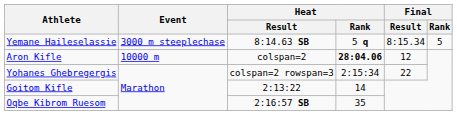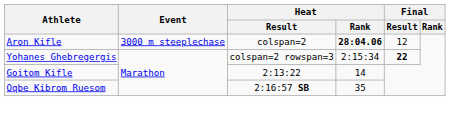 <table class="wikitable" style="font-size:90%">
 <tr>
 <th rowspan="2">Athlete</th>
 <th rowspan="2">Event</th>
 <th colspan="2">Heat</th>
 <th colspan="2">Final</th>
 </tr>
 <tr style="font-size:95%">
 <th>Result</th>
 <th>Rank</th>
 <th>Result</th>
 <th>Rank</th>
 </tr>
 <tr align="center">
-<td align="left"><a href='#'>Yemane Haileselassie</a></td>
+<td align="left"><a href='#'>Aron Kifle</a></td>
 <td align="left"><a href='#'>3000 m steeplechase</a></td>
-<td>8:14.63 <strong>SB</strong></td>
-<td>5 <strong>q</strong></td>
-<td>8:15.34</td>
-<td>5</td>
-</tr>
-<tr align="center">
-<td align="left"><a href='#'>Aron Kifle</a></td>
-<td align="left"><a href='#'>10000 m</a></td>
 <td>colspan=2 </td>
 <td><strong>28:04.06</strong></td>
 <td>12</td>
 </tr>
 <tr align="center">
 <td align="left"><a href='#'>Yohanes Ghebregergis</a></td>
 <td rowspan="3" align="left"><a href='#'>Marathon</a></td>
 <td>colspan=2 rowspan=3 </td>
 <td>2:15:34</td>
-<td>22</td>
+<td><strong>22</strong></td>
 </tr>
 <tr align=center>
 <td align=left><a href='#'>Goitom Kifle</a></td>
 <td>2:13:22</td>
 <td>14</td>
 </tr>
 <tr align=center>
 <td align=left><a href='#'>Oqbe Kibrom Ruesom</a></td>
 <td>2:16:57 <strong>SB</strong></td>
 <td>35</td>
 </tr>
 </table>
